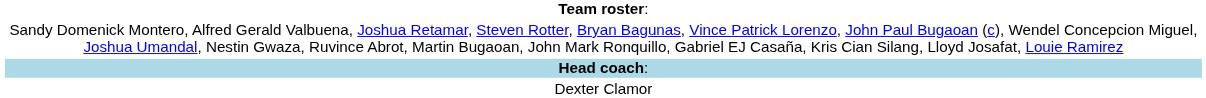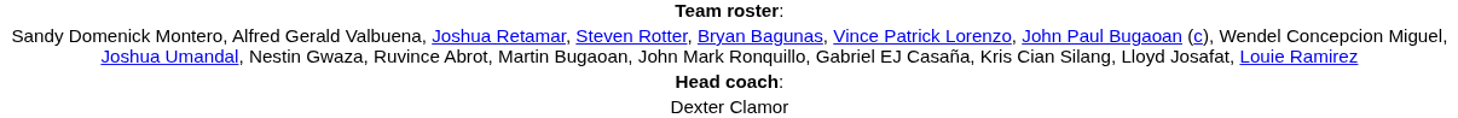 <table style="text-align:center; margin-top:2em; margin-left:auto; margin-right:auto">
 <tr>
 <td><strong>Team roster</strong>:</td>
 </tr>
 <tr>
 <td>Sandy Domenick Montero, Alfred Gerald Valbuena, <a href='#'>Joshua Retamar</a>, <a href='#'>Steven Rotter</a>, <a href='#'>Bryan Bagunas</a>, <a href='#'>Vince Patrick Lorenzo</a>, <a href='#'>John Paul Bugaoan</a> (<a href='#'>c</a>), Wendel Concepcion Miguel, <a href='#'>Joshua Umandal</a>, Nestin Gwaza, Ruvince Abrot, Martin Bugaoan, John Mark Ronquillo, Gabriel EJ Casaña, Kris Cian Silang, Lloyd Josafat, <a href='#'>Louie Ramirez</a></td>
 </tr>
 <tr>
-<td style="background: lightblue;"><strong>Head coach</strong>:</td>
+<td><strong>Head coach</strong>:</td>
 </tr>
 <tr>
 <td>Dexter Clamor</td>
 </tr>
 </table>
